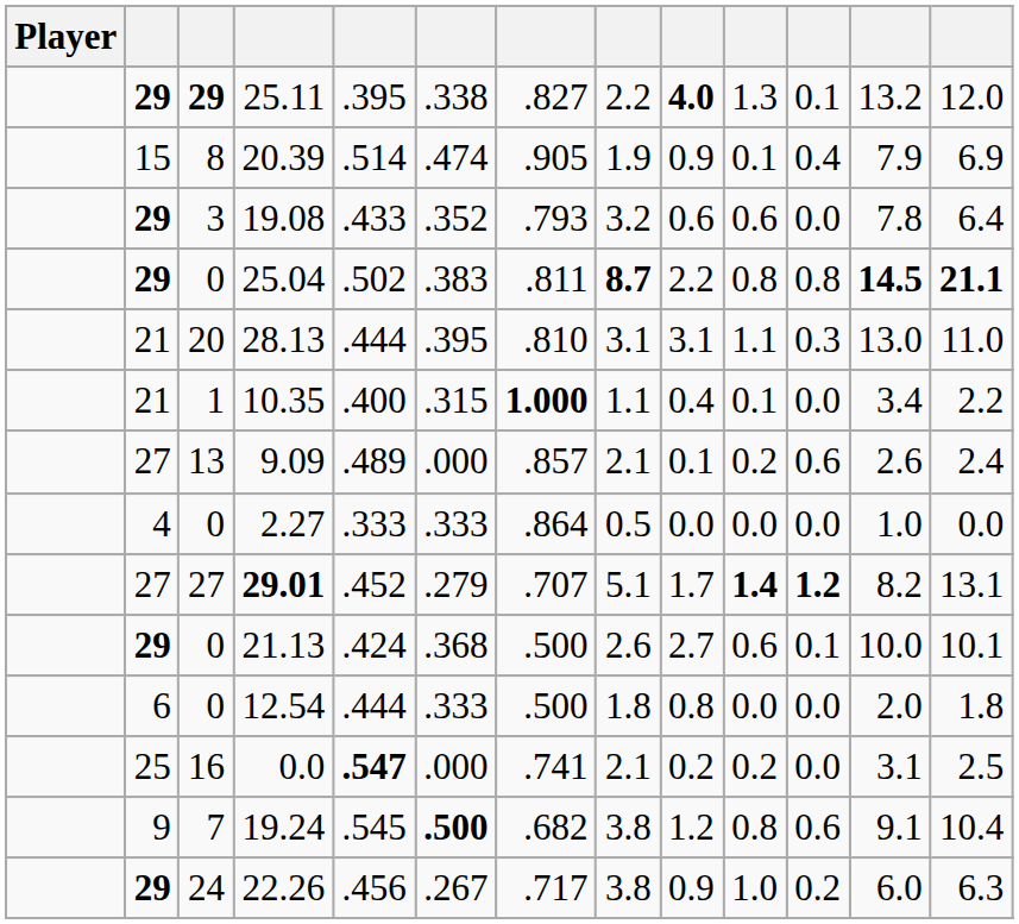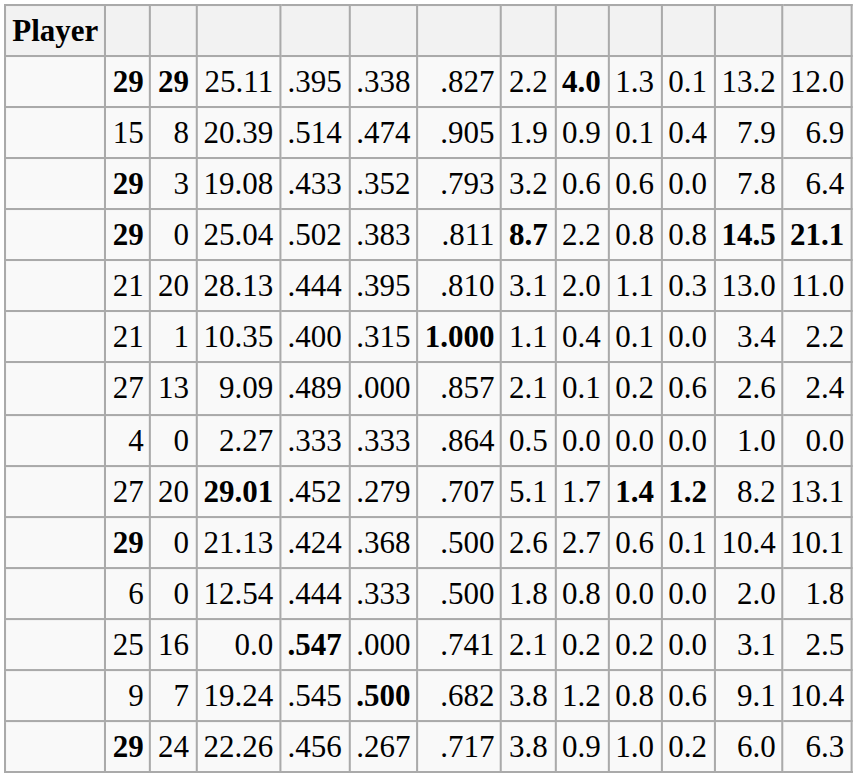 <table class="wikitable sortable" style="font-size:95%; text-align:right;">
 <tr>
 <th>Player</th>
 <th></th>
 <th></th>
 <th></th>
 <th></th>
 <th></th>
 <th></th>
 <th></th>
 <th></th>
 <th></th>
 <th></th>
 <th></th>
 <th></th>
 </tr>
 <tr>
 <td><strong></strong></td>
 <td><strong>29</strong></td>
 <td><strong>29</strong></td>
 <td>25.11</td>
 <td>.395</td>
 <td>.338</td>
 <td>.827</td>
 <td>2.2</td>
 <td><strong>4.0</strong></td>
 <td>1.3</td>
 <td>0.1</td>
 <td>13.2</td>
 <td>12.0</td>
 </tr>
 <tr>
 <td><strong></strong></td>
 <td>15</td>
 <td>8</td>
 <td>20.39</td>
 <td>.514</td>
 <td>.474</td>
 <td>.905</td>
 <td>1.9</td>
 <td>0.9</td>
 <td>0.1</td>
 <td>0.4</td>
 <td>7.9</td>
 <td>6.9</td>
 </tr>
 <tr>
 <td><strong></strong></td>
 <td><strong>29</strong></td>
 <td>3</td>
 <td>19.08</td>
 <td>.433</td>
 <td>.352</td>
 <td>.793</td>
 <td>3.2</td>
 <td>0.6</td>
 <td>0.6</td>
 <td>0.0</td>
 <td>7.8</td>
 <td>6.4</td>
 </tr>
 <tr>
 <td><strong></strong></td>
 <td><strong>29</strong></td>
 <td>0</td>
 <td>25.04</td>
 <td>.502</td>
 <td>.383</td>
 <td>.811</td>
 <td><strong>8.7</strong></td>
 <td>2.2</td>
 <td>0.8</td>
 <td>0.8</td>
 <td><strong>14.5</strong></td>
 <td><strong>21.1</strong></td>
 </tr>
 <tr>
 <td><strong></strong></td>
 <td>21</td>
 <td>20</td>
 <td>28.13</td>
 <td>.444</td>
 <td>.395</td>
 <td>.810</td>
 <td>3.1</td>
-<td>3.1</td>
+<td>2.0</td>
 <td>1.1</td>
 <td>0.3</td>
 <td>13.0</td>
 <td>11.0</td>
 </tr>
 <tr>
 <td><strong></strong></td>
 <td>21</td>
 <td>1</td>
 <td>10.35</td>
 <td>.400</td>
 <td>.315</td>
 <td><strong>1.000</strong></td>
 <td>1.1</td>
 <td>0.4</td>
 <td>0.1</td>
 <td>0.0</td>
 <td>3.4</td>
 <td>2.2</td>
 </tr>
 <tr>
 <td><strong></strong></td>
 <td>27</td>
 <td>13</td>
 <td>9.09</td>
 <td>.489</td>
 <td>.000</td>
 <td>.857</td>
 <td>2.1</td>
 <td>0.1</td>
 <td>0.2</td>
 <td>0.6</td>
 <td>2.6</td>
 <td>2.4</td>
 </tr>
 <tr>
 <td><strong></strong></td>
 <td>4</td>
 <td>0</td>
 <td>2.27</td>
 <td>.333</td>
 <td>.333</td>
 <td>.864</td>
 <td>0.5</td>
 <td>0.0</td>
 <td>0.0</td>
 <td>0.0</td>
 <td>1.0</td>
 <td>0.0</td>
 </tr>
 <tr>
 <td><strong></strong></td>
 <td>27</td>
-<td>27</td>
+<td>20</td>
 <td><strong>29.01</strong></td>
 <td>.452</td>
 <td>.279</td>
 <td>.707</td>
 <td>5.1</td>
 <td>1.7</td>
 <td><strong>1.4</strong></td>
 <td><strong>1.2</strong></td>
 <td>8.2</td>
 <td>13.1</td>
 </tr>
 <tr>
 <td><strong></strong></td>
 <td><strong>29</strong></td>
 <td>0</td>
 <td>21.13</td>
 <td>.424</td>
 <td>.368</td>
 <td>.500</td>
 <td>2.6</td>
 <td>2.7</td>
 <td>0.6</td>
 <td>0.1</td>
-<td>10.0</td>
+<td>10.4</td>
 <td>10.1</td>
 </tr>
 <tr>
 <td><strong></strong></td>
 <td>6</td>
 <td>0</td>
 <td>12.54</td>
 <td>.444</td>
 <td>.333</td>
 <td>.500</td>
 <td>1.8</td>
 <td>0.8</td>
 <td>0.0</td>
 <td>0.0</td>
 <td>2.0</td>
 <td>1.8</td>
 </tr>
 <tr>
 <td><strong></strong></td>
 <td>25</td>
 <td>16</td>
 <td>0.0</td>
 <td><strong>.547</strong></td>
 <td>.000</td>
 <td>.741</td>
 <td>2.1</td>
 <td>0.2</td>
 <td>0.2</td>
 <td>0.0</td>
 <td>3.1</td>
 <td>2.5</td>
 </tr>
 <tr>
 <td><strong></strong></td>
 <td>9</td>
 <td>7</td>
 <td>19.24</td>
 <td>.545</td>
 <td><strong>.500</strong></td>
 <td>.682</td>
 <td>3.8</td>
 <td>1.2</td>
 <td>0.8</td>
 <td>0.6</td>
 <td>9.1</td>
 <td>10.4</td>
 </tr>
 <tr>
 <td><strong></strong></td>
 <td><strong>29</strong></td>
 <td>24</td>
 <td>22.26</td>
 <td>.456</td>
 <td>.267</td>
 <td>.717</td>
 <td>3.8</td>
 <td>0.9</td>
 <td>1.0</td>
 <td>0.2</td>
 <td>6.0</td>
 <td>6.3</td>
 </tr>
 <tr>
 </tr>
 </table>
